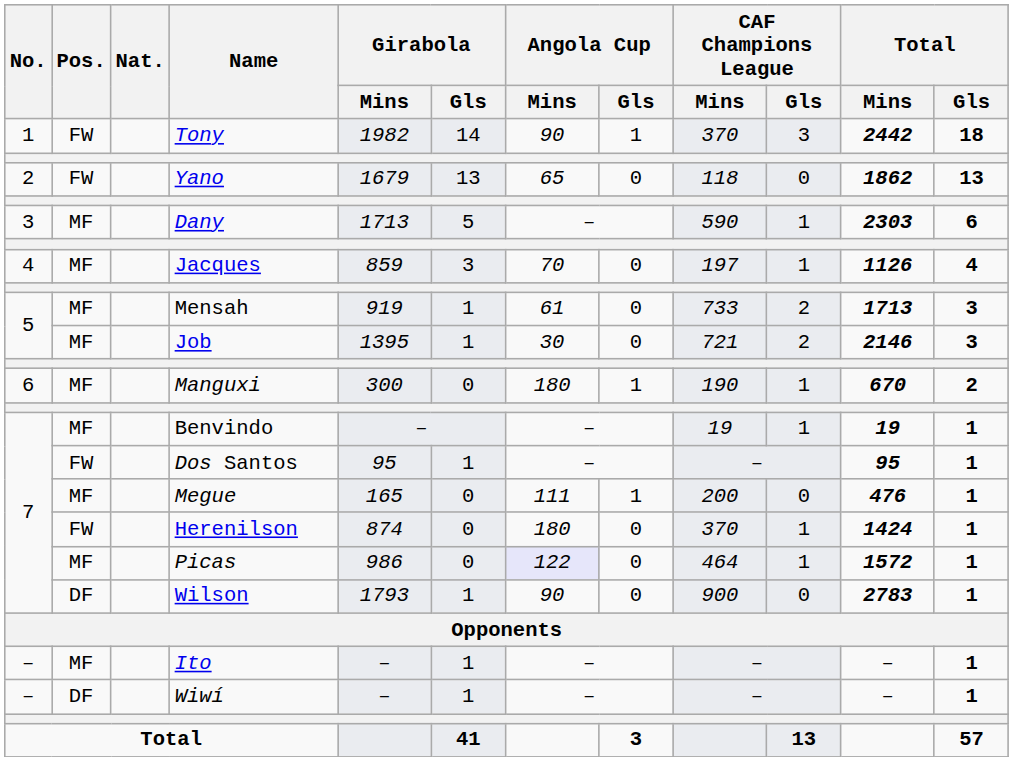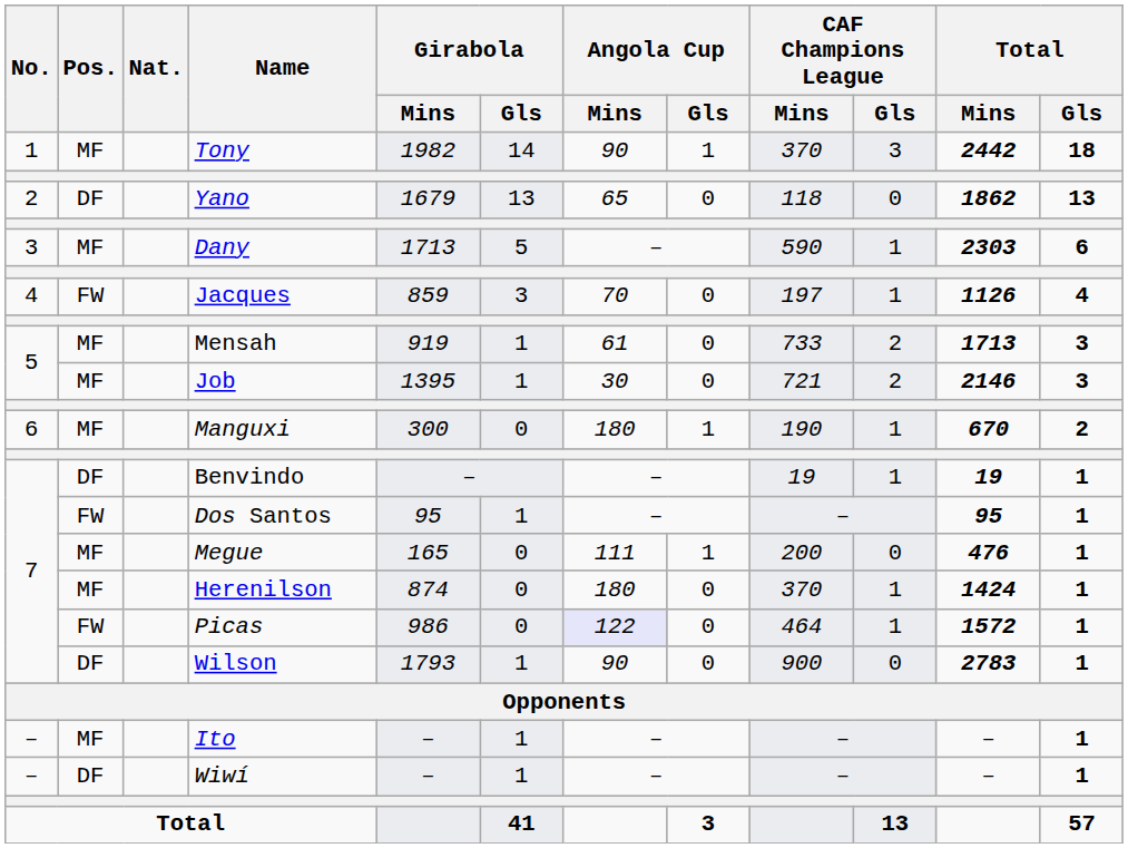 <table class="wikitable sortable" style="text-align:center">
 <tr>
 <th style="text-align:center;" rowspan="2">No.</th>
 <th style="text-align:center;" rowspan="2">Pos.</th>
 <th style="text-align:center;" rowspan="2">Nat.</th>
 <th style="text-align:center; width:100px;" rowspan="2">Name</th>
 <th style="text-align:center; width:100px;" colspan="2">Girabola</th>
 <th style="text-align:center; width:100px;" colspan="2">Angola Cup</th>
 <th style="text-align:center; width:100px;" colspan="2">CAF Champions League</th>
 <th style="text-align:center; width:100px;" colspan="2">Total</th>
 </tr>
 <tr>
 <th style="text-align:center;">Mins</th>
 <th style="text-align:center;">Gls</th>
 <th style="text-align:center;">Mins</th>
 <th style="text-align:center;">Gls</th>
 <th style="text-align:center;">Mins</th>
 <th style="text-align:center;">Gls</th>
 <th style="text-align:center;">Mins</th>
 <th style="text-align:center;">Gls</th>
 </tr>
 <tr>
 <td>1</td>
-<td>FW</td>
+<td>MF</td>
 <td></td>
 <td align=left><em><a href='#'>Tony</a></em></td>
 <td style="background:#eaecf0;"><em>1982</em></td>
 <td style="background:#eaecf0;">14</td>
 <td><em>90</em></td>
 <td>1</td>
 <td style="background:#eaecf0;"><em>370</em></td>
 <td style="background:#eaecf0;">3</td>
 <td><strong><em>2442</em></strong></td>
 <td><strong>18</strong></td>
 </tr>
 <tr>
 <th colspan=14></th>
 </tr>
 <tr>
 <td>2</td>
-<td>FW</td>
+<td>DF</td>
 <td></td>
 <td align=left><em><a href='#'>Yano</a></em></td>
 <td style="background:#eaecf0;"><em>1679</em></td>
 <td style="background:#eaecf0;">13</td>
 <td><em>65</em></td>
 <td>0</td>
 <td style="background:#eaecf0;"><em>118</em></td>
 <td style="background:#eaecf0;">0</td>
 <td><strong><em>1862</em></strong></td>
 <td><strong>13</strong></td>
 </tr>
 <tr>
 <th colspan=14></th>
 </tr>
 <tr>
 <td>3</td>
 <td>MF</td>
 <td></td>
 <td align=left><em><a href='#'>Dany</a></em></td>
 <td style="background:#eaecf0;"><em>1713</em></td>
 <td style="background:#eaecf0;">5</td>
 <td colspan=2>–</td>
 <td style="background:#eaecf0;"><em>590</em></td>
 <td style="background:#eaecf0;">1</td>
 <td><strong><em>2303</em></strong></td>
 <td><strong>6</strong></td>
 </tr>
 <tr>
 <th colspan=14></th>
 </tr>
 <tr>
 <td>4</td>
-<td>MF</td>
+<td>FW</td>
 <td></td>
 <td align=left><a href='#'>Jacques</a></td>
 <td style="background:#eaecf0;"><em>859</em></td>
 <td style="background:#eaecf0;">3</td>
 <td><em>70</em></td>
 <td>0</td>
 <td style="background:#eaecf0;"><em>197</em></td>
 <td style="background:#eaecf0;">1</td>
 <td><strong><em>1126</em></strong></td>
 <td><strong>4</strong></td>
 </tr>
 <tr>
 <th colspan=14></th>
 </tr>
 <tr>
 <td rowspan=2>5</td>
 <td>MF</td>
 <td></td>
 <td align=left>Mensah</td>
 <td style="background:#eaecf0;"><em>919</em></td>
 <td style="background:#eaecf0;">1</td>
 <td><em>61</em></td>
 <td>0</td>
 <td style="background:#eaecf0;"><em>733</em></td>
 <td style="background:#eaecf0;">2</td>
 <td><strong><em>1713</em></strong></td>
 <td><strong>3</strong></td>
 </tr>
 <tr>
 <td>MF</td>
 <td></td>
 <td align=left><a href='#'>Job</a></td>
 <td style="background:#eaecf0;"><em>1395</em></td>
 <td style="background:#eaecf0;">1</td>
 <td><em>30</em></td>
 <td>0</td>
 <td style="background:#eaecf0;"><em>721</em></td>
 <td style="background:#eaecf0;">2</td>
 <td><strong><em>2146</em></strong></td>
 <td><strong>3</strong></td>
 </tr>
 <tr>
 <th colspan=14></th>
 </tr>
 <tr>
 <td>6</td>
 <td>MF</td>
 <td></td>
 <td align=left><em>Manguxi</em></td>
 <td style="background:#eaecf0;"><em>300</em></td>
 <td style="background:#eaecf0;">0</td>
 <td><em>180</em></td>
 <td>1</td>
 <td style="background:#eaecf0;"><em>190</em></td>
 <td style="background:#eaecf0;">1</td>
 <td><strong><em>670</em></strong></td>
 <td><strong>2</strong></td>
 </tr>
 <tr>
 <th colspan=14></th>
 </tr>
 <tr>
 <td rowspan=6>7</td>
-<td>MF</td>
+<td>DF</td>
 <td></td>
 <td align=left>Benvindo</td>
 <td colspan=2 style="background:#eaecf0;">–</td>
 <td colspan=2>–</td>
 <td style="background:#eaecf0;"><em>19</em></td>
 <td style="background:#eaecf0;">1</td>
 <td><strong><em>19</em></strong></td>
 <td><strong>1</strong></td>
 </tr>
 <tr>
 <td>FW</td>
 <td></td>
 <td align=left><em>Dos</em> Santos</td>
 <td style="background:#eaecf0;"><em>95</em></td>
 <td style="background:#eaecf0;">1</td>
 <td colspan=2>–</td>
 <td colspan=2 style="background:#eaecf0;">–</td>
 <td><strong><em>95</em></strong></td>
 <td><strong>1</strong></td>
 </tr>
 <tr>
 <td>MF</td>
 <td></td>
 <td align=left><em>Megue</em></td>
 <td style="background:#eaecf0;"><em>165</em></td>
 <td style="background:#eaecf0;">0</td>
 <td><em>111</em></td>
 <td>1</td>
 <td style="background:#eaecf0;"><em>200</em></td>
 <td style="background:#eaecf0;">0</td>
 <td><strong><em>476</em></strong></td>
 <td><strong>1</strong></td>
 </tr>
 <tr>
-<td>FW</td>
+<td>MF</td>
 <td></td>
 <td align=left><a href='#'>Herenilson</a></td>
 <td style="background:#eaecf0;"><em>874</em></td>
 <td style="background:#eaecf0;">0</td>
 <td><em>180</em></td>
 <td>0</td>
 <td style="background:#eaecf0;"><em>370</em></td>
 <td style="background:#eaecf0;">1</td>
 <td><strong><em>1424</em></strong></td>
 <td><strong>1</strong></td>
 </tr>
 <tr>
-<td>MF</td>
+<td>FW</td>
 <td></td>
 <td align=left><em>Picas</em></td>
 <td style="background:#eaecf0;"><em>986</em></td>
 <td style="background:#eaecf0;">0</td>
 <td style="background: lavender;"><em>122</em></td>
 <td>0</td>
 <td style="background:#eaecf0;"><em>464</em></td>
 <td style="background:#eaecf0;">1</td>
 <td><strong><em>1572</em></strong></td>
 <td><strong>1</strong></td>
 </tr>
 <tr>
 <td>DF</td>
 <td></td>
 <td align=left><a href='#'>Wilson</a></td>
 <td style="background:#eaecf0;"><em>1793</em></td>
 <td style="background:#eaecf0;">1</td>
 <td><em>90</em></td>
 <td>0</td>
 <td style="background:#eaecf0;"><em>900</em></td>
 <td style="background:#eaecf0;">0</td>
 <td><strong><em>2783</em></strong></td>
 <td><strong>1</strong></td>
 </tr>
 <tr>
 <th colspan=14>Opponents</th>
 </tr>
 <tr>
 <td data-sort-value="3">–</td>
 <td>MF</td>
 <td></td>
 <td align=left><em><a href='#'>Ito</a></em></td>
 <td style="background:#eaecf0;">–</td>
 <td style="background:#eaecf0;">1</td>
 <td colspan=2>–</td>
 <td colspan=2 style="background:#eaecf0;">–</td>
 <td>–</td>
 <td><strong>1</strong></td>
 </tr>
 <tr>
 <td data-sort-value="3">–</td>
 <td>DF</td>
 <td></td>
 <td align=left><em>Wiwí</em></td>
 <td style="background:#eaecf0;">–</td>
 <td style="background:#eaecf0;">1</td>
 <td colspan=2>–</td>
 <td colspan=2 style="background:#eaecf0;">–</td>
 <td>–</td>
 <td><strong>1</strong></td>
 </tr>
 <tr>
 <th colspan=14></th>
 </tr>
 <tr>
 <td colspan=4><strong>Total</strong></td>
 <td style="background:#eaecf0;"></td>
 <td style="background:#eaecf0;"><strong>41</strong></td>
 <td></td>
 <td><strong>3</strong></td>
 <td style="background:#eaecf0;"></td>
 <td style="background:#eaecf0;"><strong>13</strong></td>
 <td></td>
 <td><strong>57</strong></td>
 </tr>
 </table>
